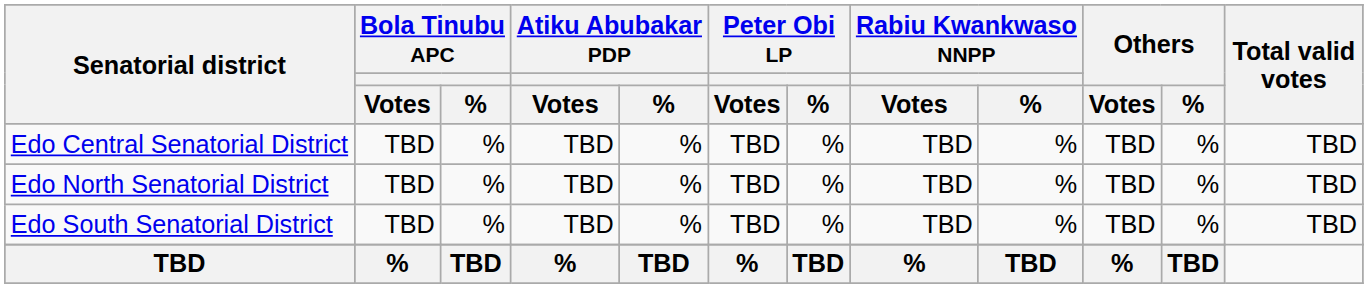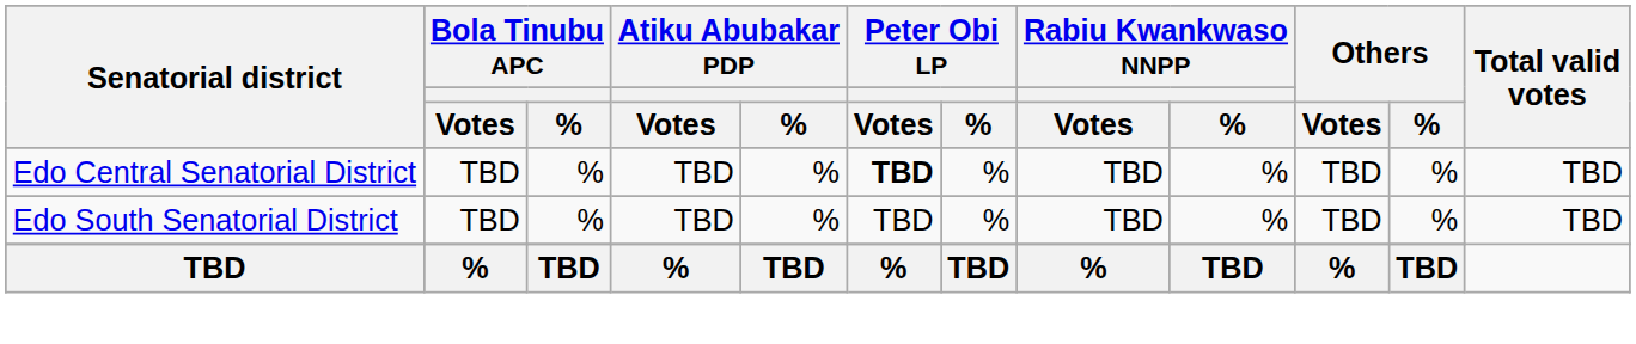 <table class="wikitable sortable" style="text-align:right; font-size:90%">
 <tr>
 <th rowspan="3" style="max-width:7.5em;">Senatorial district</th>
 <th colspan="2"><a href='#'>Bola Tinubu</a><br><small>APC</small></th>
 <th colspan="2"><a href='#'>Atiku Abubakar</a><br><small>PDP</small></th>
 <th colspan="2"><a href='#'>Peter Obi</a><br><small>LP</small></th>
 <th colspan="2"><a href='#'>Rabiu Kwankwaso</a><br><small>NNPP</small></th>
 <th colspan="2" rowspan="2">Others</th>
 <th rowspan="3" style="max-width:5em;">Total valid votes</th>
 </tr>
 <tr>
 <th colspan=2 style="background-color:"></th>
 <th colspan=2 style="background-color:"></th>
 <th colspan=2 style="background-color:"></th>
 <th colspan=2 style="background-color:"></th>
 </tr>
 <tr>
 <th>Votes</th>
 <th>%</th>
 <th>Votes</th>
 <th>%</th>
 <th>Votes</th>
 <th>%</th>
 <th>Votes</th>
 <th>%</th>
 <th>Votes</th>
 <th>%</th>
 </tr>
 <tr style="background-color:#">
 <td style="text-align:left;"><a href='#'>Edo Central Senatorial District</a></td>
 <td>TBD</td>
 <td>%</td>
 <td>TBD</td>
 <td>%</td>
-<td>TBD</td>
-<td>%</td>
-<td>TBD</td>
-<td>%</td>
-<td>TBD</td>
-<td>%</td>
-<td>TBD</td>
-</tr>
-<tr style="background-color:#">
-<td style="text-align:left;"><a href='#'>Edo North Senatorial District</a></td>
-<td>TBD</td>
-<td>%</td>
-<td>TBD</td>
-<td>%</td>
-<td>TBD</td>
+<td><strong>TBD</strong></td>
 <td>%</td>
 <td>TBD</td>
 <td>%</td>
 <td>TBD</td>
 <td>%</td>
 <td>TBD</td>
 </tr>
 <tr style="background-color:#">
 <td style="text-align:left;"><a href='#'>Edo South Senatorial District</a></td>
 <td>TBD</td>
 <td>%</td>
 <td>TBD</td>
 <td>%</td>
 <td>TBD</td>
 <td>%</td>
 <td>TBD</td>
 <td>%</td>
 <td>TBD</td>
 <td>%</td>
 <td>TBD</td>
 </tr>
 <tr>
 </tr>
 <tr>
 <th>TBD</th>
 <th>%</th>
 <th>TBD</th>
 <th>%</th>
 <th>TBD</th>
 <th>%</th>
 <th>TBD</th>
 <th>%</th>
 <th>TBD</th>
 <th>%</th>
 <th>TBD</th>
 </tr>
 </table>
